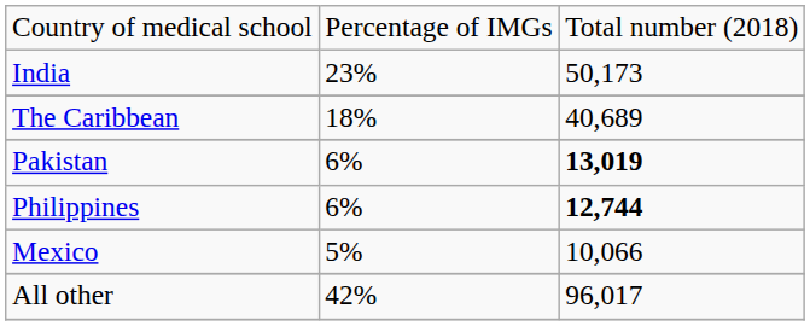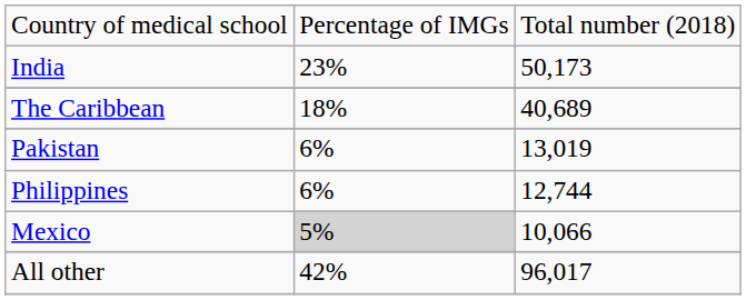 <table class="wikitable sortable">
 <tr>
 <td>Country of medical school</td>
 <td>Percentage of IMGs</td>
 <td>Total number (2018)</td>
 </tr>
 <tr>
 <td><a href='#'>India</a></td>
 <td>23%</td>
 <td>50,173</td>
 </tr>
 <tr>
 </tr>
 <tr>
 <td><a href='#'>The Caribbean</a></td>
 <td>18%</td>
 <td>40,689</td>
 </tr>
 <tr>
 </tr>
 <tr>
 <td><a href='#'>Pakistan</a></td>
 <td>6%</td>
-<td><strong>13,019</strong></td>
+<td>13,019</td>
 </tr>
 <tr>
 <td><a href='#'>Philippines</a></td>
 <td>6%</td>
-<td><strong>12,744</strong></td>
+<td>12,744</td>
 </tr>
 <tr>
 <td><a href='#'>Mexico</a></td>
-<td>5%</td>
+<td style="background: lightgrey;">5%</td>
 <td>10,066</td>
 </tr>
 <tr>
 </tr>
 <tr>
 <td>All other</td>
 <td>42%</td>
 <td>96,017</td>
 </tr>
 <tr>
 </tr>
 <tr>
 </tr>
 </table>
